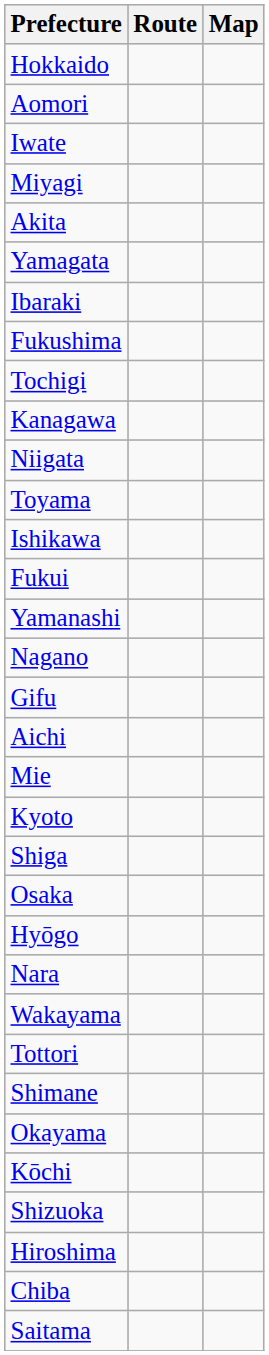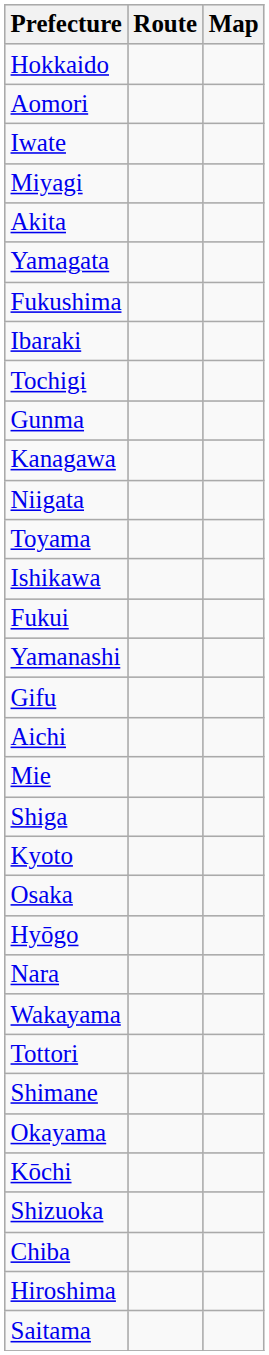 <table class=wikitable>
 <tr>
 <th>Prefecture</th>
 <th>Route</th>
 <th>Map</th>
 </tr>
 <tr>
 <td><a href='#'>Hokkaido</a></td>
 <td><br>    </td>
 <td></td>
 </tr>
 <tr>
 <td><a href='#'>Aomori</a></td>
 <td><br></td>
 <td></td>
 </tr>
 <tr>
 <td><a href='#'>Iwate</a></td>
 <td><br>   </td>
 <td></td>
 </tr>
 <tr>
 <td><a href='#'>Miyagi</a></td>
 <td><br>  </td>
 <td></td>
 </tr>
 <tr>
 <td><a href='#'>Akita</a></td>
 <td><br>  </td>
 <td></td>
 </tr>
 <tr>
 <td><a href='#'>Yamagata</a></td>
 <td><br>   </td>
 <td></td>
 </tr>
 <tr>
+<td><a href='#'>Fukushima</a></td>
+<td><br>  </td>
+<td></td>
+</tr>
+<tr>
 <td><a href='#'>Ibaraki</a></td>
 <td></td>
 <td></td>
 </tr>
 <tr>
-<td><a href='#'>Fukushima</a></td>
-<td><br>  </td>
+<td><a href='#'>Tochigi</a></td>
+<td></td>
 <td></td>
 </tr>
 <tr>
-<td><a href='#'>Tochigi</a></td>
+<td><a href='#'>Gunma</a></td>
 <td></td>
 <td></td>
 </tr>
 <tr>
 <td><a href='#'>Kanagawa</a></td>
 <td><br>  </td>
 <td></td>
 </tr>
 <tr>
 <td><a href='#'>Niigata</a></td>
 <td><br>   </td>
 <td></td>
 </tr>
 <tr>
 <td><a href='#'>Toyama</a></td>
 <td><br> </td>
 <td></td>
 </tr>
 <tr>
 <td><a href='#'>Ishikawa</a></td>
 <td></td>
 <td></td>
 </tr>
 <tr>
 <td><a href='#'>Fukui</a></td>
 <td><br>  </td>
 <td></td>
 </tr>
 <tr>
 <td><a href='#'>Yamanashi</a></td>
 <td><br> </td>
 <td></td>
 </tr>
 <tr>
-<td><a href='#'>Nagano</a></td>
-<td><br>  </td>
-<td></td>
-</tr>
-<tr>
 <td><a href='#'>Gifu</a></td>
 <td><br>  </td>
 <td></td>
 </tr>
 <tr>
 <td><a href='#'>Aichi</a></td>
 <td><br>  </td>
 <td></td>
 </tr>
 <tr>
 <td><a href='#'>Mie</a></td>
 <td><br>   </td>
 <td></td>
 </tr>
 <tr>
-<td><a href='#'>Kyoto</a></td>
-<td><br>   </td>
+<td><a href='#'>Shiga</a></td>
+<td><br> </td>
 <td></td>
 </tr>
 <tr>
-<td><a href='#'>Shiga</a></td>
-<td><br> </td>
+<td><a href='#'>Kyoto</a></td>
+<td><br>   </td>
 <td></td>
 </tr>
 <tr>
 <td><a href='#'>Osaka</a></td>
 <td><br>    </td>
 <td></td>
 </tr>
 <tr>
 <td><a href='#'>Hyōgo</a></td>
 <td><br>    </td>
 <td></td>
 </tr>
 <tr>
 <td><a href='#'>Nara</a></td>
 <td></td>
 <td></td>
 </tr>
 <tr>
 <td><a href='#'>Wakayama</a></td>
 <td></td>
 <td></td>
 </tr>
 <tr>
 <td><a href='#'>Tottori</a></td>
 <td><br></td>
 <td></td>
 </tr>
 <tr>
 <td><a href='#'>Shimane</a></td>
 <td><br>  </td>
 <td></td>
 </tr>
 <tr>
 <td><a href='#'>Okayama</a></td>
 <td><br>  </td>
 <td></td>
 </tr>
 <tr>
 <td><a href='#'>Kōchi</a></td>
 <td></td>
 <td></td>
 </tr>
 <tr>
 <td><a href='#'>Shizuoka</a></td>
 <td></td>
 <td></td>
 </tr>
 <tr>
-<td><a href='#'>Hiroshima</a></td>
-<td><br></td>
+<td><a href='#'>Chiba</a></td>
+<td></td>
 <td></td>
 </tr>
 <tr>
-<td><a href='#'>Chiba</a></td>
-<td></td>
+<td><a href='#'>Hiroshima</a></td>
+<td><br></td>
 <td></td>
 </tr>
 <tr>
 <td><a href='#'>Saitama</a></td>
 <td><br></td>
 <td></td>
 </tr>
 <tr>
 </tr>
 </table>
